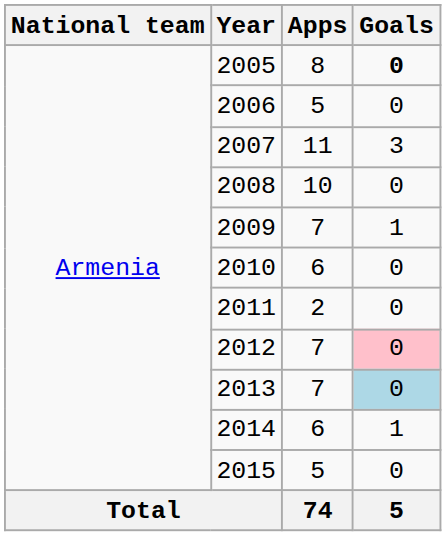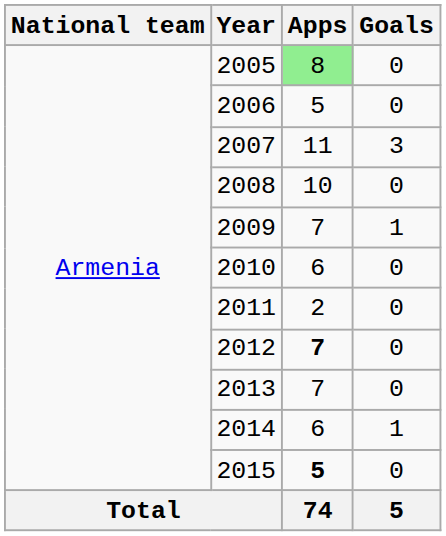 <table class="wikitable" style="text-align:center">
 <tr>
 <th>National team</th>
 <th>Year</th>
 <th>Apps</th>
 <th>Goals</th>
 </tr>
 <tr>
 <td rowspan="11"><a href='#'>Armenia</a></td>
 <td>2005</td>
-<td>8</td>
-<td><strong>0</strong></td>
+<td style="background: lightgreen;">8</td>
+<td>0</td>
 </tr>
 <tr>
 <td>2006</td>
 <td>5</td>
 <td>0</td>
 </tr>
 <tr>
 <td>2007</td>
 <td>11</td>
 <td>3</td>
 </tr>
 <tr>
 <td>2008</td>
 <td>10</td>
 <td>0</td>
 </tr>
 <tr>
 <td>2009</td>
 <td>7</td>
 <td>1</td>
 </tr>
 <tr>
 <td>2010</td>
 <td>6</td>
 <td>0</td>
 </tr>
 <tr>
 <td>2011</td>
 <td>2</td>
 <td>0</td>
 </tr>
 <tr>
 <td>2012</td>
-<td>7</td>
-<td style="background: pink;">0</td>
+<td><strong>7</strong></td>
+<td>0</td>
 </tr>
 <tr>
 <td>2013</td>
 <td>7</td>
-<td style="background: lightblue;">0</td>
+<td>0</td>
 </tr>
 <tr>
 <td>2014</td>
 <td>6</td>
 <td>1</td>
 </tr>
 <tr>
 <td>2015</td>
-<td>5</td>
+<td><strong>5</strong></td>
 <td>0</td>
 </tr>
 <tr>
 <th colspan="2">Total</th>
 <th>74</th>
 <th>5</th>
 </tr>
 </table>
